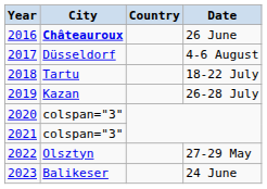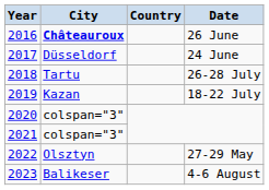 <table class="wikitable" align="center">
 <tr>
 <th style="background-color: #CCDDEE;">Year</th>
 <th style="background-color: #CCDDEE;">City</th>
 <th style="background-color: #CCDDEE;">Country</th>
 <th style="background-color: #CCDDEE;">Date</th>
 </tr>
 <tr>
 <td><a href='#'>2016</a></td>
 <td><strong><a href='#'>Châteauroux</a></strong></td>
 <td></td>
 <td>26 June</td>
 </tr>
 <tr>
 <td><a href='#'>2017</a></td>
 <td><a href='#'>Düsseldorf</a></td>
 <td></td>
-<td>4-6 August</td>
+<td>24 June</td>
 </tr>
 <tr>
 <td><a href='#'>2018</a></td>
 <td><a href='#'>Tartu</a></td>
 <td></td>
-<td>18-22 July</td>
+<td>26-28 July</td>
 </tr>
 <tr>
 <td><a href='#'>2019</a></td>
 <td><a href='#'>Kazan</a></td>
 <td></td>
-<td>26-28 July</td>
+<td>18-22 July</td>
 </tr>
 <tr>
 <td><a href='#'>2020</a></td>
 <td>colspan="3" </td>
 </tr>
 <tr>
 <td><a href='#'>2021</a></td>
 <td>colspan="3" </td>
 </tr>
 <tr>
 <td><a href='#'>2022</a></td>
 <td><a href='#'>Olsztyn</a></td>
 <td></td>
 <td>27-29 May</td>
 </tr>
 <tr>
 <td><a href='#'>2023</a></td>
 <td><a href='#'>Balikeser</a></td>
 <td></td>
-<td>24 June</td>
+<td>4-6 August</td>
 </tr>
 </table>
